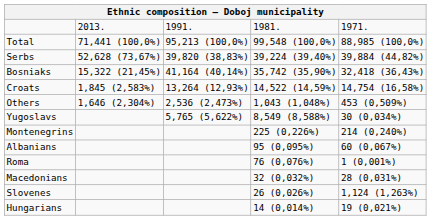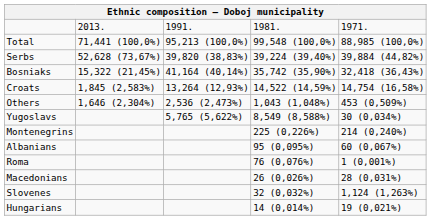 <table class="wikitable">
 <tr>
 <th colspan="8">Ethnic composition – Doboj municipality</th>
 </tr>
 <tr>
 <td></td>
 <td>2013.</td>
 <td>1991.</td>
 <td>1981.</td>
 <td>1971.</td>
 </tr>
 <tr>
 <td>Total</td>
 <td>71,441 (100,0%)</td>
 <td>95,213 (100,0%)</td>
 <td>99,548 (100,0%)</td>
 <td>88,985 (100,0%)</td>
 </tr>
 <tr>
 <td>Serbs</td>
 <td>52,628 (73,67%)</td>
 <td>39,820 (38,83%)</td>
 <td>39,224 (39,40%)</td>
 <td>39,884 (44,82%)</td>
 </tr>
 <tr>
 <td>Bosniaks</td>
 <td>15,322 (21,45%)</td>
 <td>41,164 (40,14%)</td>
 <td>35,742 (35,90%)</td>
 <td>32,418 (36,43%)</td>
 </tr>
 <tr>
 <td>Croats</td>
 <td>1,845 (2,583%)</td>
 <td>13,264 (12,93%)</td>
 <td>14,522 (14,59%)</td>
 <td>14,754 (16,58%)</td>
 </tr>
 <tr>
 <td>Others</td>
 <td>1,646 (2,304%)</td>
 <td>2,536 (2,473%)</td>
 <td>1,043 (1,048%)</td>
 <td>453 (0,509%)</td>
 </tr>
 <tr>
 <td>Yugoslavs</td>
 <td></td>
 <td>5,765 (5,622%)</td>
 <td>8,549 (8,588%)</td>
 <td>30 (0,034%)</td>
 </tr>
 <tr>
 <td>Montenegrins</td>
 <td></td>
 <td></td>
 <td>225 (0,226%)</td>
 <td>214 (0,240%)</td>
 </tr>
 <tr>
 <td>Albanians</td>
 <td></td>
 <td></td>
 <td>95 (0,095%)</td>
 <td>60 (0,067%)</td>
 </tr>
 <tr>
 <td>Roma</td>
 <td></td>
 <td></td>
 <td>76 (0,076%)</td>
 <td>1 (0,001%)</td>
 </tr>
 <tr>
 <td>Macedonians</td>
 <td></td>
 <td></td>
-<td>32 (0,032%)</td>
+<td>26 (0,026%)</td>
 <td>28 (0,031%)</td>
 </tr>
 <tr>
 <td>Slovenes</td>
 <td></td>
 <td></td>
-<td>26 (0,026%)</td>
+<td>32 (0,032%)</td>
 <td>1,124 (1,263%)</td>
 </tr>
 <tr>
 <td>Hungarians</td>
 <td></td>
 <td></td>
 <td>14 (0,014%)</td>
 <td>19 (0,021%)</td>
 </tr>
 </table>
